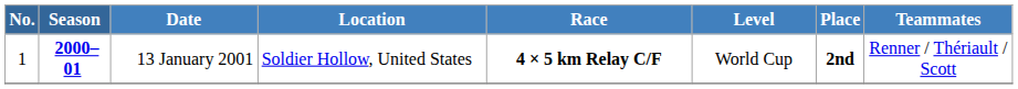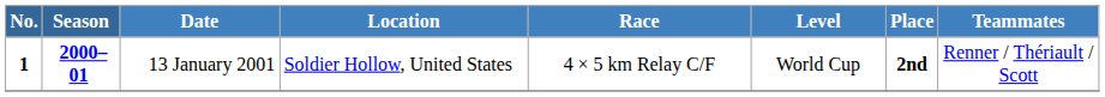 <table class="wikitable sortable" style="font-size:95%; text-align:center; border:grey solid 1px; border-collapse:collapse; background:#ffffff;">
 <tr style="background:#efefef;">
 <th style="background-color:#369; color:white;">No.</th>
 <th style="background-color:#369; color:white;">Season</th>
 <th style="background-color:#4180be; color:white; width:120px;">Date</th>
 <th style="background-color:#4180be; color:white; width:190px;">Location</th>
 <th style="background-color:#4180be; color:white; width:170px;">Race</th>
 <th style="background-color:#4180be; color:white; width:100px;">Level</th>
 <th style="background-color:#4180be; color:white;">Place</th>
 <th style="background-color:#4180be; color:white;">Teammates</th>
 </tr>
 <tr>
-<td align=center>1</td>
+<td align=center><strong>1</strong></td>
 <td rowspan=1 align=center><strong> <a href='#'>2000–01</a> </strong></td>
 <td align=right>13 January 2001</td>
 <td align=left> <a href='#'>Soldier Hollow</a>, United States</td>
-<td><strong>4 × 5 km Relay C/F</strong></td>
+<td>4 × 5 km Relay C/F</td>
 <td>World Cup</td>
 <td><strong>2nd</strong></td>
 <td><a href='#'>Renner</a> / <a href='#'>Thériault</a> / <a href='#'>Scott</a></td>
 </tr>
 <tr>
 </tr>
 </table>
